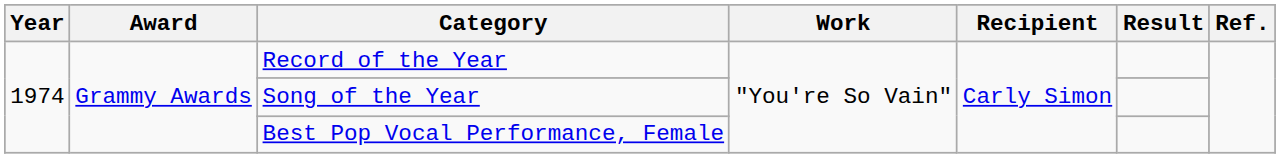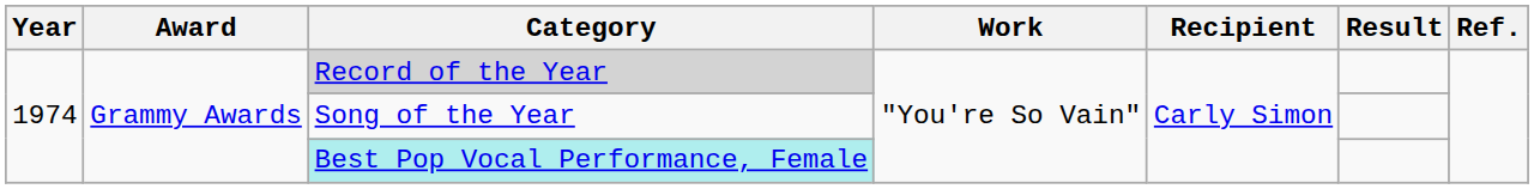 <table class="wikitable">
 <tr>
 <th>Year</th>
 <th>Award</th>
 <th>Category</th>
 <th>Work</th>
 <th>Recipient</th>
 <th>Result</th>
 <th>Ref.</th>
 </tr>
 <tr>
 <td rowspan="3">1974</td>
 <td rowspan="3"><a href='#'>Grammy Awards</a></td>
-<td><a href='#'>Record of the Year</a></td>
+<td style="background: lightgrey;"><a href='#'>Record of the Year</a></td>
 <td rowspan="3">"You're So Vain"</td>
 <td rowspan="3"><a href='#'>Carly Simon</a></td>
 <td></td>
 <td rowspan="3" align="center"></td>
 </tr>
 <tr>
 <td><a href='#'>Song of the Year</a></td>
 <td></td>
 </tr>
 <tr>
-<td><a href='#'>Best Pop Vocal Performance, Female</a></td>
+<td style="background: paleturquoise;"><a href='#'>Best Pop Vocal Performance, Female</a></td>
 <td></td>
 </tr>
 </table>
